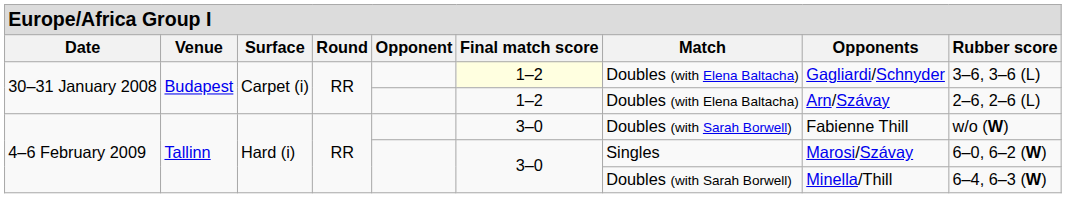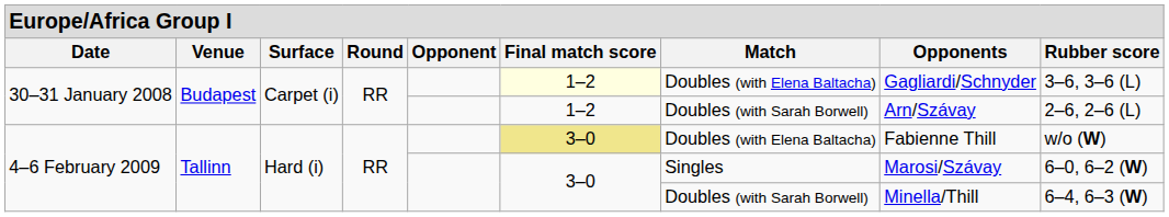 <table class="wikitable" style="font-size:98%;">
 <tr bgcolor="Gainsboro">
 <td colspan="9"><big><strong>Europe/Africa Group I</strong></big></td>
 </tr>
 <tr>
 <th>Date</th>
 <th>Venue</th>
 <th>Surface</th>
 <th>Round</th>
 <th>Opponent</th>
 <th>Final match score</th>
 <th>Match</th>
 <th>Opponents</th>
 <th>Rubber score</th>
 </tr>
 <tr>
 <td rowspan="2">30–31 January 2008</td>
 <td rowspan="2"><a href='#'>Budapest</a></td>
 <td rowspan="2">Carpet (i)</td>
 <td rowspan="2" align="center">RR</td>
 <td></td>
 <td align="center" style="background: lightyellow;">1–2</td>
 <td>Doubles <small>(with <a href='#'>Elena Baltacha</a>)</small></td>
 <td><a href='#'>Gagliardi</a>/<a href='#'>Schnyder</a></td>
 <td>3–6, 3–6 (L)</td>
 </tr>
 <tr>
 <td></td>
 <td align="center">1–2</td>
-<td>Doubles <small>(with Elena Baltacha)</small></td>
+<td>Doubles <small>(with Sarah Borwell)</small></td>
 <td><a href='#'>Arn</a>/<a href='#'>Szávay</a></td>
 <td>2–6, 2–6 (L)</td>
 </tr>
 <tr>
 <td rowspan="3">4–6 February 2009</td>
 <td rowspan="3"><a href='#'>Tallinn</a></td>
 <td rowspan="3">Hard (i)</td>
 <td rowspan="3" align="center">RR</td>
 <td></td>
-<td align="center">3–0</td>
-<td>Doubles <small>(with <a href='#'>Sarah Borwell</a>)</small></td>
+<td align="center" style="background: khaki;">3–0</td>
+<td>Doubles <small>(with Elena Baltacha)</small></td>
 <td>Fabienne Thill</td>
 <td>w/o (<strong>W</strong>)</td>
 </tr>
 <tr>
 <td rowspan="2"></td>
 <td rowspan="2" align="center">3–0</td>
 <td>Singles</td>
 <td><a href='#'>Marosi</a>/<a href='#'>Szávay</a></td>
 <td>6–0, 6–2 (<strong>W</strong>)</td>
 </tr>
 <tr>
 <td>Doubles <small>(with Sarah Borwell)</small></td>
 <td><a href='#'>Minella</a>/Thill</td>
 <td>6–4, 6–3 (<strong>W</strong>)</td>
 </tr>
 </table>
